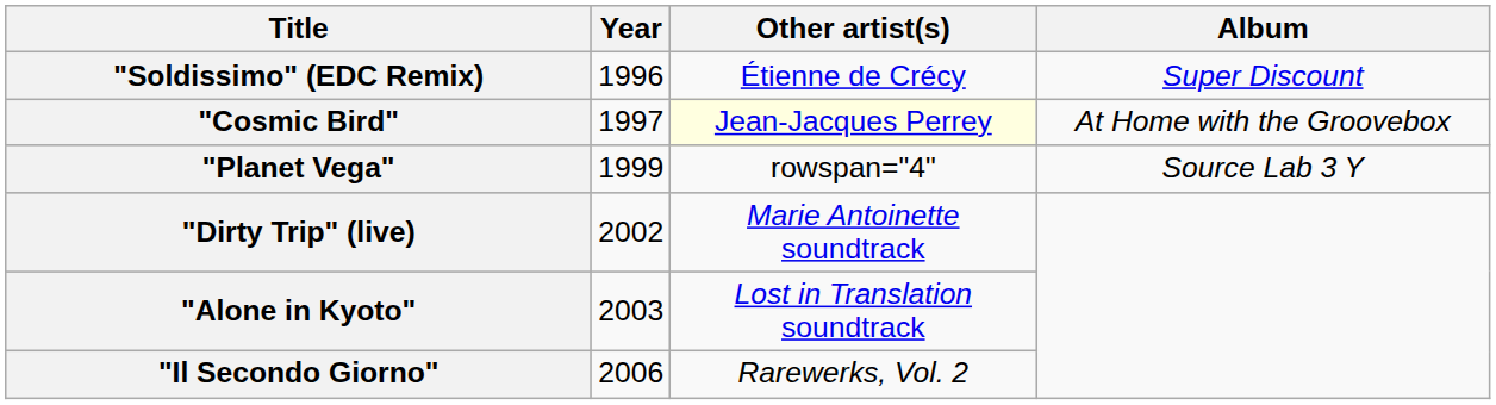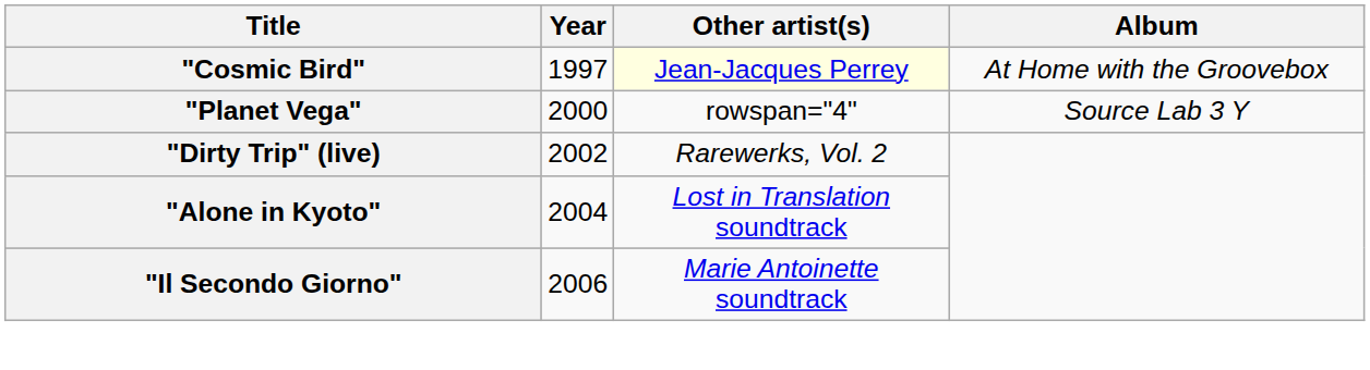 <table class="wikitable plainrowheaders" style="text-align:center;" border="1">
 <tr>
 <th scope="col" style="width:19.5em;">Title</th>
 <th scope="col">Year</th>
 <th scope="col" style="width:12em;">Other artist(s)</th>
 <th scope="col" style="width:15em;">Album</th>
-</tr>
-<tr>
-<th scope="row">"Soldissimo" (EDC Remix)</th>
-<td>1996</td>
-<td><a href='#'>Étienne de Crécy</a></td>
-<td><em><a href='#'>Super Discount</a></em></td>
 </tr>
 <tr>
 <th scope="row">"Cosmic Bird"</th>
 <td>1997</td>
 <td style="background: lightyellow;"><a href='#'>Jean-Jacques Perrey</a></td>
 <td><em>At Home with the Groovebox</em></td>
 </tr>
 <tr>
 <th scope="row">"Planet Vega"</th>
-<td>1999</td>
+<td>2000</td>
 <td>rowspan="4" </td>
 <td><em>Source Lab 3 Y</em></td>
 </tr>
 <tr>
 <th scope="row">"Dirty Trip" (live)</th>
 <td>2002</td>
-<td><a href='#'><em>Marie Antoinette</em> soundtrack</a></td>
+<td><em>Rarewerks, Vol. 2</em></td>
 </tr>
 <tr>
 <th scope="row">"Alone in Kyoto"</th>
-<td>2003</td>
+<td>2004</td>
 <td><a href='#'><em>Lost in Translation</em> soundtrack</a></td>
 </tr>
 <tr>
 <th scope="row">"Il Secondo Giorno"</th>
 <td>2006</td>
-<td><em>Rarewerks, Vol. 2</em></td>
+<td><a href='#'><em>Marie Antoinette</em> soundtrack</a></td>
 </tr>
 </table>
